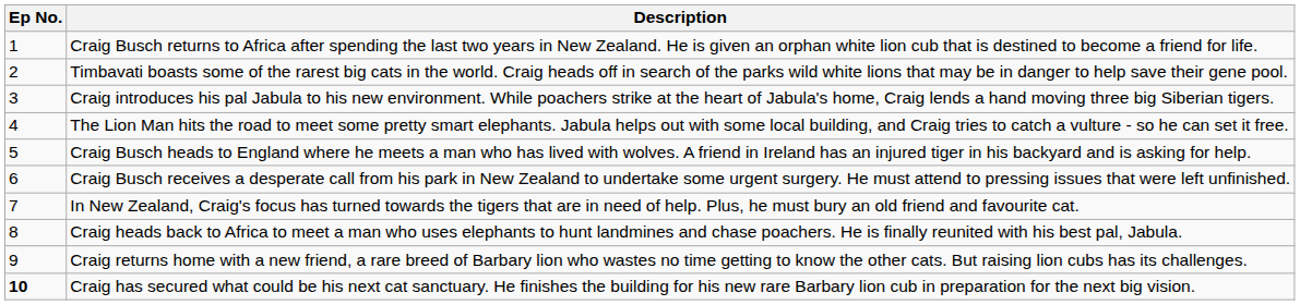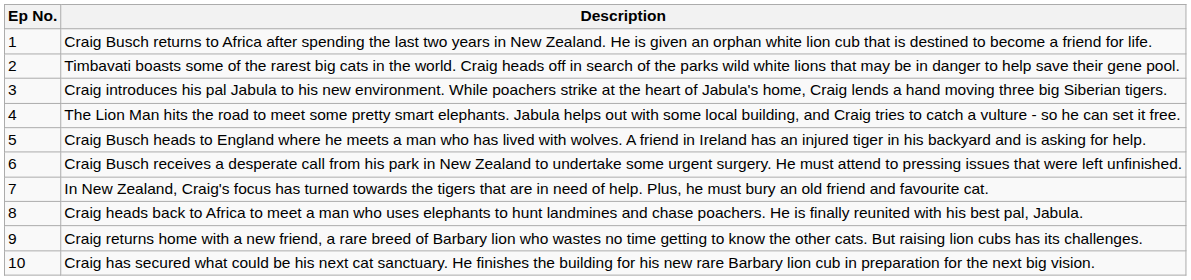 <table class="wikitable">
 <tr>
 <th>Ep No.</th>
 <th>Description</th>
 </tr>
 <tr>
 <td>1</td>
 <td>Craig Busch returns to Africa after spending the last two years in New Zealand. He is given an orphan white lion cub that is destined to become a friend for life.</td>
 </tr>
 <tr>
 <td>2</td>
 <td>Timbavati boasts some of the rarest big cats in the world. Craig heads off in search of the parks wild white lions that may be in danger to help save their gene pool.</td>
 </tr>
 <tr>
 <td>3</td>
 <td>Craig introduces his pal Jabula to his new environment. While poachers strike at the heart of Jabula's home, Craig lends a hand moving three big Siberian tigers.</td>
 </tr>
 <tr>
 <td>4</td>
 <td>The Lion Man hits the road to meet some pretty smart elephants. Jabula helps out with some local building, and Craig tries to catch a vulture - so he can set it free.</td>
 </tr>
 <tr>
 <td>5</td>
 <td>Craig Busch heads to England where he meets a man who has lived with wolves. A friend in Ireland has an injured tiger in his backyard and is asking for help.</td>
 </tr>
 <tr>
 <td>6</td>
 <td>Craig Busch receives a desperate call from his park in New Zealand to undertake some urgent surgery. He must attend to pressing issues that were left unfinished.</td>
 </tr>
 <tr>
 <td>7</td>
 <td>In New Zealand, Craig's focus has turned towards the tigers that are in need of help. Plus, he must bury an old friend and favourite cat.</td>
 </tr>
 <tr>
 <td>8</td>
 <td>Craig heads back to Africa to meet a man who uses elephants to hunt landmines and chase poachers. He is finally reunited with his best pal, Jabula.</td>
 </tr>
 <tr>
 <td>9</td>
 <td>Craig returns home with a new friend, a rare breed of Barbary lion who wastes no time getting to know the other cats. But raising lion cubs has its challenges.</td>
 </tr>
 <tr>
-<td><strong>10</strong></td>
+<td>10</td>
 <td>Craig has secured what could be his next cat sanctuary. He finishes the building for his new rare Barbary lion cub in preparation for the next big vision.</td>
 </tr>
 </table>
